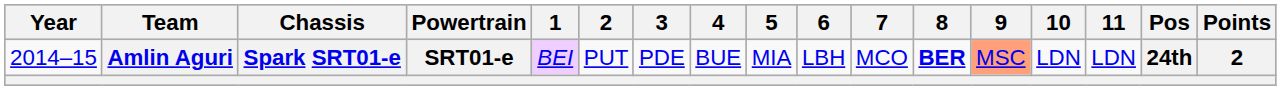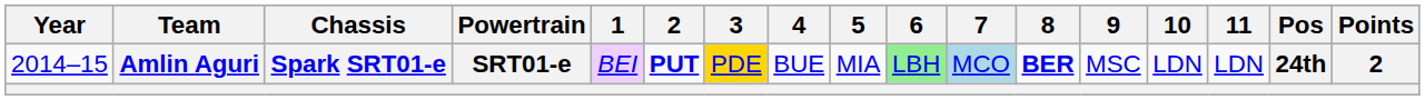 <table class="wikitable" style="text-align:center; font-size:85%">
 <tr>
 <th>Year</th>
 <th>Team</th>
 <th>Chassis</th>
 <th>Powertrain</th>
 <th>1</th>
 <th>2</th>
 <th>3</th>
 <th>4</th>
 <th>5</th>
 <th>6</th>
 <th>7</th>
 <th>8</th>
 <th>9</th>
 <th>10</th>
 <th>11</th>
 <th>Pos</th>
 <th>Points</th>
 </tr>
 <tr>
 <td nowrap><a href='#'>2014–15</a></td>
 <th nowrap><a href='#'>Amlin Aguri</a></th>
 <th nowrap><a href='#'>Spark</a> <a href='#'>SRT01-e</a></th>
 <th>SRT01-e</th>
 <td style="background:#EFCFFF;"><em><a href='#'>BEI</a></em><br></td>
-<td><a href='#'>PUT</a></td>
-<td><a href='#'>PDE</a></td>
+<td><strong><a href='#'>PUT</a></strong></td>
+<td style="background: gold;"><a href='#'>PDE</a></td>
 <td><a href='#'>BUE</a></td>
 <td><a href='#'>MIA</a></td>
-<td><a href='#'>LBH</a></td>
-<td><a href='#'>MCO</a></td>
+<td style="background: lightgreen;"><a href='#'>LBH</a></td>
+<td style="background: lightblue;"><a href='#'>MCO</a></td>
 <td><strong><a href='#'>BER</a></strong></td>
-<td style="background: lightsalmon;"><a href='#'>MSC</a></td>
+<td><a href='#'>MSC</a></td>
 <td><a href='#'>LDN</a></td>
 <td><a href='#'>LDN</a></td>
 <th>24th</th>
 <th>2</th>
 </tr>
 <tr>
 <th colspan="17"></th>
 </tr>
 </table>
